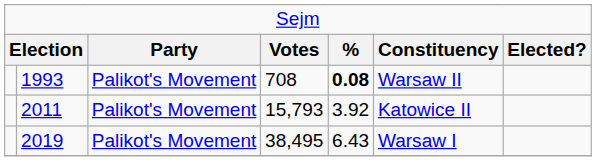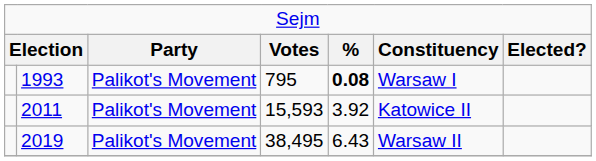 <table class = 'wikitable'>
 <tr>
 <td colspan="7" style="text-align:center;"><a href='#'>Sejm</a></td>
 </tr>
 <tr>
 <th colspan="2">Election</th>
 <th>Party</th>
 <th>Votes</th>
 <th>%</th>
 <th>Constituency</th>
 <th>Elected?</th>
 </tr>
 <tr>
 <td style="background-color: "></td>
 <td><a href='#'>1993</a></td>
 <td><a href='#'>Palikot's Movement</a></td>
-<td>708</td>
+<td>795</td>
 <td><strong>0.08</strong></td>
-<td><a href='#'>Warsaw II</a></td>
+<td><a href='#'>Warsaw I</a></td>
 <td></td>
 </tr>
 <tr>
 <td style="background-color: "></td>
 <td><a href='#'>2011</a></td>
 <td><a href='#'>Palikot's Movement</a></td>
-<td>15,793</td>
+<td>15,593</td>
 <td>3.92</td>
 <td><a href='#'>Katowice II</a></td>
 <td></td>
 </tr>
 <tr>
 <td style="background-color: "></td>
 <td><a href='#'>2019</a></td>
 <td><a href='#'>Palikot's Movement</a></td>
 <td>38,495</td>
 <td>6.43</td>
-<td><a href='#'>Warsaw I</a></td>
+<td><a href='#'>Warsaw II</a></td>
 <td></td>
 </tr>
 <tr>
 </tr>
 </table>
